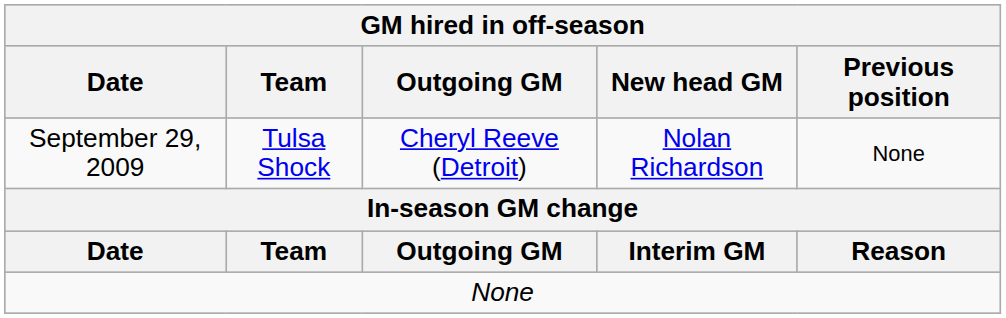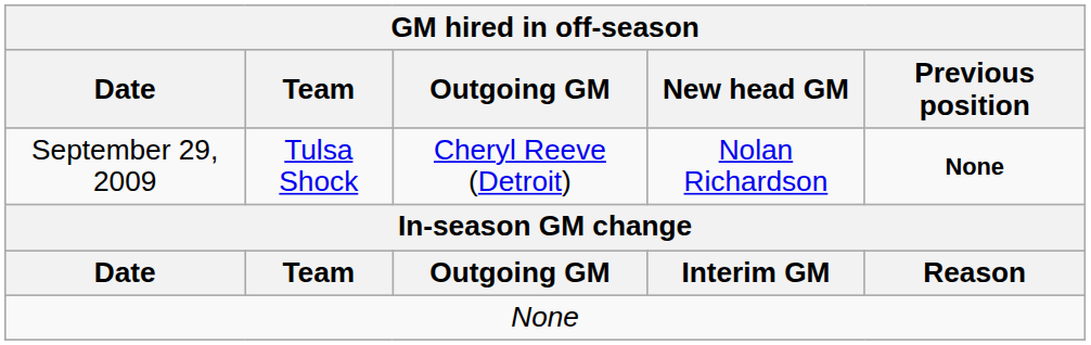 <table class="wikitable" style="text-align:center">
 <tr>
 <th colspan="5">GM hired in off-season</th>
 </tr>
 <tr>
 <th>Date</th>
 <th>Team</th>
 <th>Outgoing GM</th>
 <th>New head GM</th>
 <th>Previous position</th>
 </tr>
 <tr>
 <td>September 29, 2009</td>
 <td><a href='#'>Tulsa Shock</a></td>
 <td><a href='#'>Cheryl Reeve</a> (<a href='#'>Detroit</a>)</td>
 <td><a href='#'>Nolan Richardson</a></td>
-<td><small>None</small></td>
+<td><strong><small>None</small></strong></td>
 </tr>
 <tr>
 <th colspan="5">In-season GM change</th>
 </tr>
 <tr>
 <th>Date</th>
 <th>Team</th>
 <th>Outgoing GM</th>
 <th>Interim GM</th>
 <th>Reason</th>
 </tr>
 <tr>
 <td colspan="5"><em>None</em></td>
 </tr>
 </table>
